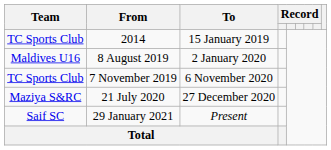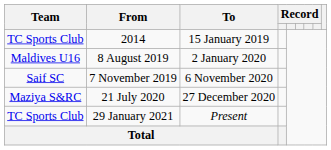 <table class="wikitable" style="text-align:center">
 <tr>
 <th rowspan="2">Team</th>
 <th rowspan="2">From</th>
 <th rowspan="2">To</th>
 <th colspan="5">Record</th>
 <th rowspan="2"></th>
 </tr>
 <tr>
 <th></th>
 <th></th>
 <th></th>
 <th></th>
 <th></th>
 </tr>
 <tr>
 <td><a href='#'>TC Sports Club</a></td>
 <td>2014</td>
 <td>15 January 2019<br></td>
 <td></td>
 </tr>
 <tr>
 <td><a href='#'>Maldives U16</a></td>
 <td>8 August 2019</td>
 <td>2 January 2020<br></td>
 <td></td>
 </tr>
 <tr>
-<td><a href='#'>TC Sports Club</a></td>
+<td><a href='#'>Saif SC</a></td>
 <td>7 November 2019</td>
 <td>6 November 2020<br></td>
 <td></td>
 </tr>
 <tr>
 <td><a href='#'>Maziya S&RC</a></td>
 <td>21 July 2020</td>
 <td>27 December 2020<br></td>
 <td></td>
 </tr>
 <tr>
-<td><a href='#'>Saif SC</a></td>
+<td><a href='#'>TC Sports Club</a></td>
 <td>29 January 2021</td>
 <td><em>Present</em><br></td>
 <td></td>
 </tr>
 <tr>
 <th colspan="3">Total<br></th>
 <th></th>
 </tr>
 </table>
